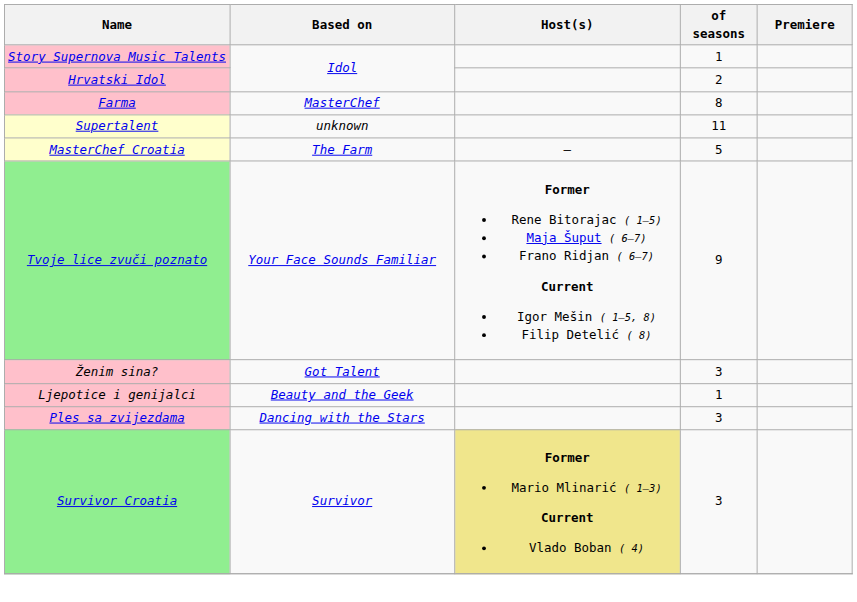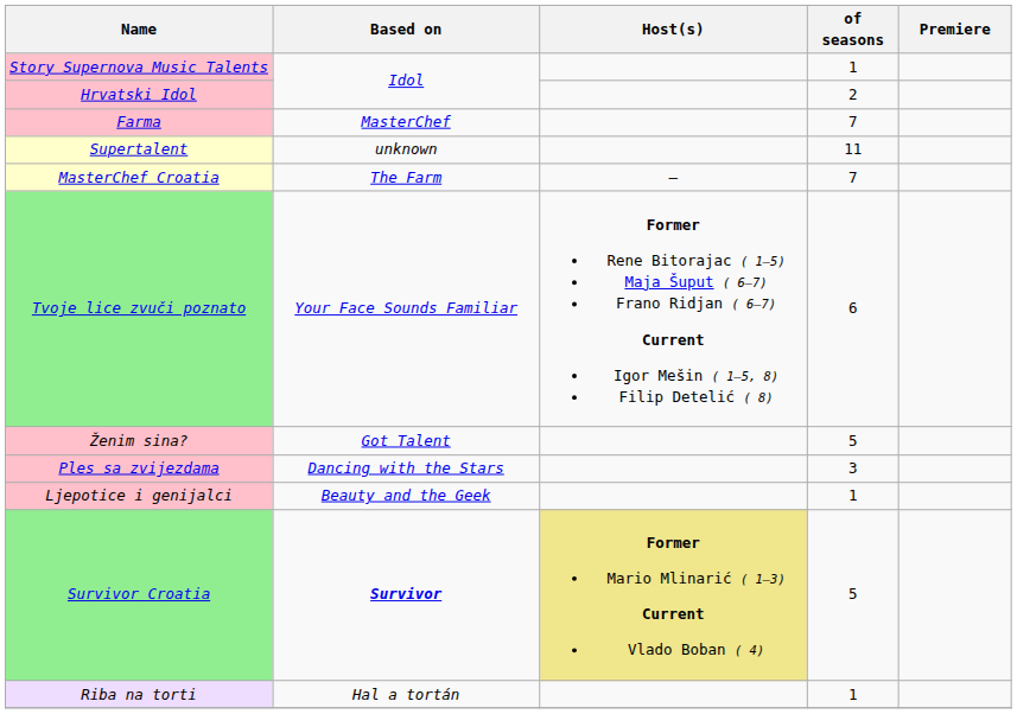 <table class="wikitable sortable" style="text-align:center; line-height:18px; width:100%;">
 <tr>
 <th scope="col" style="width:17%;">Name</th>
 <th scope="col" style="width:17%;">Based on</th>
 <th scope="col" style="width:17%;">Host(s)</th>
 <th scope="col" style="width:04%;"> of seasons</th>
 <th scope="col" style="width:06%;">Premiere</th>
 </tr>
 <tr>
 <td style="background-color:#FFC0CB"><em><a href='#'>Story Supernova Music Talents</a></em></td>
 <td rowspan="2"><em><a href='#'>Idol</a></em></td>
 <td></td>
 <td>1</td>
 <td></td>
 </tr>
 <tr>
 <td style="background-color:#FFC0CB"><em><a href='#'>Hrvatski Idol</a></em></td>
 <td></td>
 <td>2</td>
 <td></td>
 </tr>
 <tr>
 <td style="background-color:#FFC0CB"><em><a href='#'>Farma</a></em></td>
 <td><em><a href='#'>MasterChef</a></em></td>
 <td></td>
-<td>8</td>
+<td>7</td>
 <td></td>
 </tr>
 <tr>
 <td style="background-color:#FFFFCC"><em><a href='#'>Supertalent</a></em></td>
 <td><em>unknown</em></td>
 <td></td>
 <td>11</td>
 <td></td>
 </tr>
 <tr>
 <td style="background-color:#FFFFCC"><em><a href='#'>MasterChef Croatia</a></em></td>
 <td><em><a href='#'>The Farm</a></em></td>
 <td>–</td>
-<td>5</td>
+<td>7</td>
 <td></td>
 </tr>
 <tr>
 <td style="background-color:lightgreen"><em><a href='#'>Tvoje lice zvuči poznato</a></em></td>
 <td><em><a href='#'>Your Face Sounds Familiar</a></em></td>
 <td {{plainlist><br><strong>Former</strong><ul><li>Rene Bitorajac <small><em>( 1–5)</em></small></li><li><a href='#'>Maja Šuput</a> <small><em>( 6–7)</em></small></li><li>Frano Ridjan <small><em>( 6–7)</em></small></li></ul><strong>Current</strong><ul><li>Igor Mešin <small><em>( 1–5, 8)</em></small></li><li>Filip Detelić <small><em>( 8)</em></small></li></ul></td>
-<td>9</td>
+<td>6</td>
 <td></td>
 </tr>
 <tr>
 <td style="background-color:#FFC0CB"><em>Ženim sina?</em></td>
 <td><em><a href='#'>Got Talent</a></em></td>
+<td></td>
+<td>5</td>
+<td></td>
+</tr>
+<tr>
+<td style="background-color:#FFC0CB"><em><a href='#'>Ples sa zvijezdama</a></em></td>
+<td><em><a href='#'>Dancing with the Stars</a></em></td>
 <td></td>
 <td>3</td>
 <td></td>
 </tr>
 <tr>
 <td style="background-color:#FFC0CB"><em>Ljepotice i genijalci</em></td>
 <td><em><a href='#'>Beauty and the Geek</a></em></td>
 <td></td>
 <td>1</td>
 <td></td>
 </tr>
 <tr>
-<td style="background-color:#FFC0CB"><em><a href='#'>Ples sa zvijezdama</a></em></td>
-<td><em><a href='#'>Dancing with the Stars</a></em></td>
-<td></td>
-<td>3</td>
+<td style="background-color:lightgreen"><em><a href='#'>Survivor Croatia</a></em></td>
+<td><strong><em><a href='#'>Survivor</a></em></strong></td>
+<td {{plainlist style="background: khaki;"><br><strong>Former</strong><ul><li>Mario Mlinarić <small><em>( 1–3)</em></small></li></ul><strong>Current</strong><ul><li>Vlado Boban <small><em>( 4)</em></small></li></ul></td>
+<td>5</td>
 <td></td>
 </tr>
 <tr>
-<td style="background-color:lightgreen"><em><a href='#'>Survivor Croatia</a></em></td>
-<td><em><a href='#'>Survivor</a></em></td>
-<td {{plainlist style="background: khaki;"><br><strong>Former</strong><ul><li>Mario Mlinarić <small><em>( 1–3)</em></small></li></ul><strong>Current</strong><ul><li>Vlado Boban <small><em>( 4)</em></small></li></ul></td>
-<td>3</td>
+<td style="background-color:#EEDDFF"><em>Riba na torti</em></td>
+<td><em>Hal a tortán</em></td>
+<td></td>
+<td>1</td>
 <td></td>
 </tr>
 <tr>
 </tr>
 </table>
